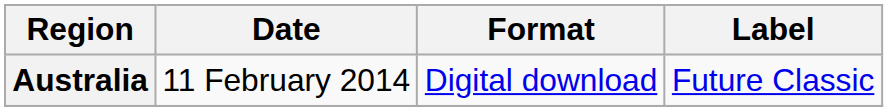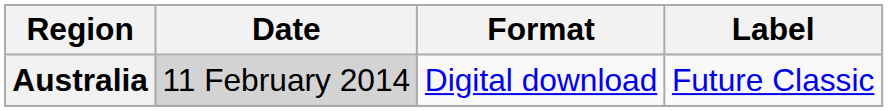 <table class="wikitable plainrowheaders">
 <tr>
 <th>Region</th>
 <th>Date</th>
 <th>Format</th>
 <th>Label</th>
 </tr>
 <tr>
 <th scope="row">Australia</th>
-<td>11 February 2014</td>
+<td style="background: lightgrey;">11 February 2014</td>
 <td><a href='#'>Digital download</a></td>
 <td><a href='#'>Future Classic</a></td>
 </tr>
 <tr>
 </tr>
 </table>
